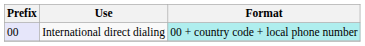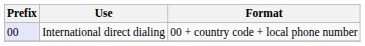 <table class="wikitable">
 <tr>
 <th>Prefix</th>
 <th>Use</th>
 <th>Format</th>
 </tr>
 <tr>
 <td style="background: lavender;">00</td>
 <td>International direct dialing</td>
-<td style="background: paleturquoise;">00 + country code + local phone number</td>
+<td>00 + country code + local phone number</td>
 </tr>
 <tr>
 </tr>
 </table>
